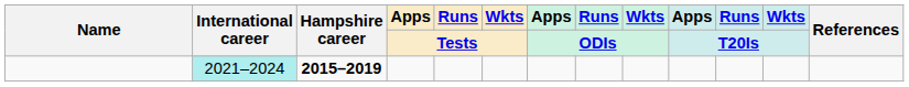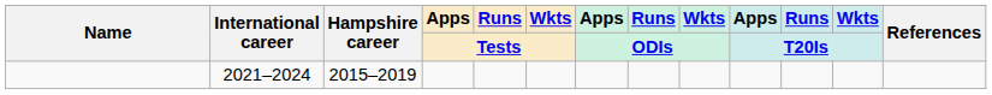 <table class="wikitable sortable" style="text-align: center;">
 <tr>
 <th style="width:180px" rowspan="2">Name</th>
 <th rowspan="2">International<br>career</th>
 <th rowspan="2">Hampshire<br>career</th>
 <th style="background:#faecc8">Apps</th>
 <th style="background:#faecc8"><a href='#'>Runs</a></th>
 <th style="background:#faecc8"><a href='#'>Wkts</a></th>
 <th style="background:#cef2e0">Apps</th>
 <th style="background:#cef2e0"><a href='#'>Runs</a></th>
 <th style="background:#cef2e0"><a href='#'>Wkts</a></th>
 <th style="background:#CFECEC">Apps</th>
 <th style="background:#CFECEC"><a href='#'>Runs</a></th>
 <th style="background:#CFECEC"><a href='#'>Wkts</a></th>
 <th class="unsortable" rowspan="2">References</th>
 </tr>
 <tr class="unsortable">
 <th colspan="3" style="background:#faecc8"><a href='#'>Tests</a></th>
 <th colspan="3" style="background:#cef2e0"><a href='#'>ODIs</a></th>
 <th colspan="3" style="background:#CFECEC"><a href='#'>T20Is</a></th>
 </tr>
 <tr>
 <td></td>
-<td style="background: paleturquoise;">2021–2024</td>
-<td><strong>2015–2019</strong></td>
+<td>2021–2024</td>
+<td>2015–2019</td>
 <td></td>
 <td></td>
 <td></td>
 <td></td>
 <td></td>
 <td></td>
 <td></td>
 <td></td>
 <td></td>
 <td></td>
 </tr>
 </table>
